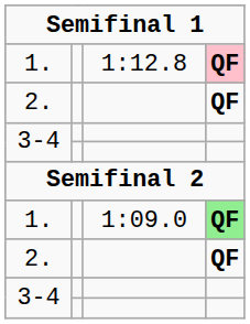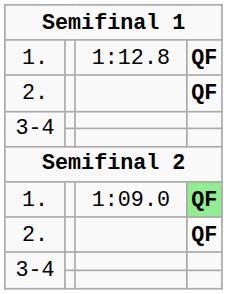 <table class=wikitable style="text-align:center">
 <tr>
 <td colspan=4><strong>Semifinal 1</strong></td>
 </tr>
 <tr>
 <td width=30>1.</td>
 <td align=left></td>
 <td width=60>1:12.8</td>
-<td style="background: pink;"><strong>QF</strong></td>
+<td><strong>QF</strong></td>
 </tr>
 <tr>
 <td>2.</td>
 <td align=left></td>
 <td></td>
 <td><strong>QF</strong></td>
 </tr>
 <tr>
 <td rowspan=2>3-4</td>
 <td align=left></td>
 <td></td>
 <td></td>
 </tr>
 <tr>
 <td align=left></td>
 <td></td>
 <td></td>
 </tr>
 <tr>
 <td colspan=4><strong>Semifinal 2</strong></td>
 </tr>
 <tr>
 <td>1.</td>
 <td align=left></td>
 <td>1:09.0</td>
 <td style="background: lightgreen;"><strong>QF</strong></td>
 </tr>
 <tr>
 <td>2.</td>
 <td align=left></td>
 <td></td>
 <td><strong>QF</strong></td>
 </tr>
 <tr>
 <td rowspan=2>3-4</td>
 <td align=left></td>
 <td></td>
 <td></td>
 </tr>
 <tr>
 <td align=left></td>
 <td></td>
 <td></td>
 </tr>
 </table>
